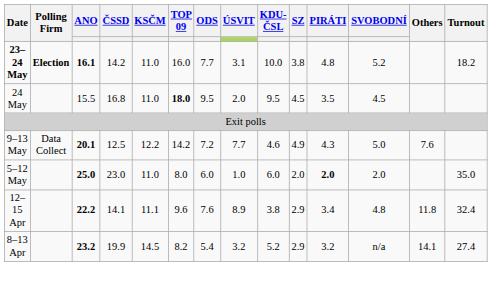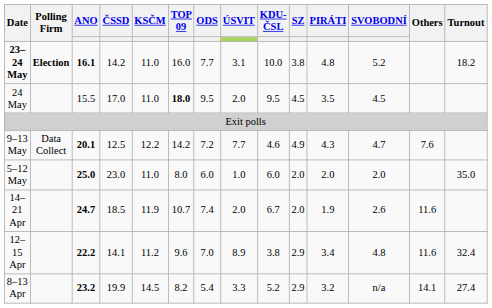 <table class="wikitable" style="text-align:center; font-size:85%; line-height:16px;">
 <tr style="height:42px;">
 <th style="width:90px;" rowspan="2">Date</th>
 <th style="width:150px;" rowspan="2">Polling Firm</th>
 <th><a href='#'><span>ANO</span></a></th>
 <th><a href='#'><span>ČSSD</span></a></th>
 <th><a href='#'><span>KSČM</span></a></th>
 <th><a href='#'><span>TOP 09</span></a></th>
 <th><a href='#'><span>ODS</span></a></th>
 <th><a href='#'><span>ÚSVIT</span></a></th>
 <th><a href='#'><span>KDU-ČSL</span></a></th>
 <th><a href='#'><span>SZ</span></a></th>
 <th><a href='#'><span>PIRÁTI</span></a></th>
 <th><a href='#'><span>SVOBODNÍ</span></a></th>
 <th style="width:40px;" rowspan="2">Others</th>
 <th style="width:20px;" rowspan="2">Turnout</th>
 </tr>
 <tr>
 <th style="color:inherit;background:"></th>
 <th style="color:inherit;background:"></th>
 <th style="color:inherit;background:"></th>
 <th style="color:inherit;background:"></th>
 <th style="color:inherit;background:"></th>
 <th style="background:#ACD55F; width:40px;"></th>
 <th style="color:inherit;background:"></th>
 <th style="color:inherit;background:"></th>
 <th style="color:inherit;background:"></th>
 <th style="color:inherit;background:"></th>
 </tr>
 <tr>
 <td><strong>23–24 May</strong></td>
 <td><strong>Election</strong></td>
 <td><strong>16.1</strong></td>
 <td>14.2</td>
 <td>11.0</td>
 <td>16.0</td>
 <td>7.7</td>
 <td>3.1</td>
 <td>10.0</td>
 <td>3.8</td>
 <td>4.8</td>
 <td>5.2</td>
 <td></td>
 <td>18.2</td>
 </tr>
 <tr>
 <td>24 May</td>
 <td></td>
 <td>15.5</td>
-<td>16.8</td>
+<td>17.0</td>
 <td>11.0</td>
 <td><strong>18.0</strong></td>
 <td>9.5</td>
 <td>2.0</td>
 <td>9.5</td>
 <td>4.5</td>
 <td>3.5</td>
 <td>4.5</td>
 <td></td>
 <td></td>
 </tr>
 <tr>
 <td colspan="14" style="background:#D0D0D0; color:black">Exit polls</td>
 </tr>
 <tr>
 <td>9–13 May</td>
 <td>Data Collect</td>
 <td><strong>20.1</strong></td>
 <td>12.5</td>
 <td>12.2</td>
 <td>14.2</td>
 <td>7.2</td>
 <td>7.7</td>
 <td>4.6</td>
 <td>4.9</td>
 <td>4.3</td>
-<td>5.0</td>
+<td>4.7</td>
 <td>7.6</td>
 <td></td>
 </tr>
 <tr>
 <td>5–12 May</td>
 <td></td>
 <td><strong>25.0</strong></td>
 <td>23.0</td>
 <td>11.0</td>
 <td>8.0</td>
 <td>6.0</td>
 <td>1.0</td>
 <td>6.0</td>
 <td>2.0</td>
-<td><strong>2.0</strong></td>
+<td>2.0</td>
 <td>2.0</td>
 <td></td>
 <td>35.0</td>
+</tr>
+<tr>
+<td>14–21 Apr</td>
+<td></td>
+<td><strong>24.7</strong></td>
+<td>18.5</td>
+<td>11.9</td>
+<td>10.7</td>
+<td>7.4</td>
+<td>2.0</td>
+<td>6.7</td>
+<td>2.0</td>
+<td>1.9</td>
+<td>2.6</td>
+<td>11.6</td>
+<td></td>
 </tr>
 <tr>
 <td>12–15 Apr</td>
 <td></td>
 <td><strong>22.2</strong></td>
 <td>14.1</td>
-<td>11.1</td>
+<td>11.2</td>
 <td>9.6</td>
-<td>7.6</td>
+<td>7.0</td>
 <td>8.9</td>
 <td>3.8</td>
 <td>2.9</td>
 <td>3.4</td>
 <td>4.8</td>
-<td>11.8</td>
+<td>11.6</td>
 <td>32.4</td>
 </tr>
 <tr>
 <td>8–13 Apr</td>
 <td></td>
 <td><strong>23.2</strong></td>
 <td>19.9</td>
 <td>14.5</td>
 <td>8.2</td>
 <td>5.4</td>
-<td>3.2</td>
+<td>3.3</td>
 <td>5.2</td>
 <td>2.9</td>
 <td>3.2</td>
 <td>n/a</td>
 <td>14.1</td>
 <td>27.4</td>
 </tr>
 </table>
